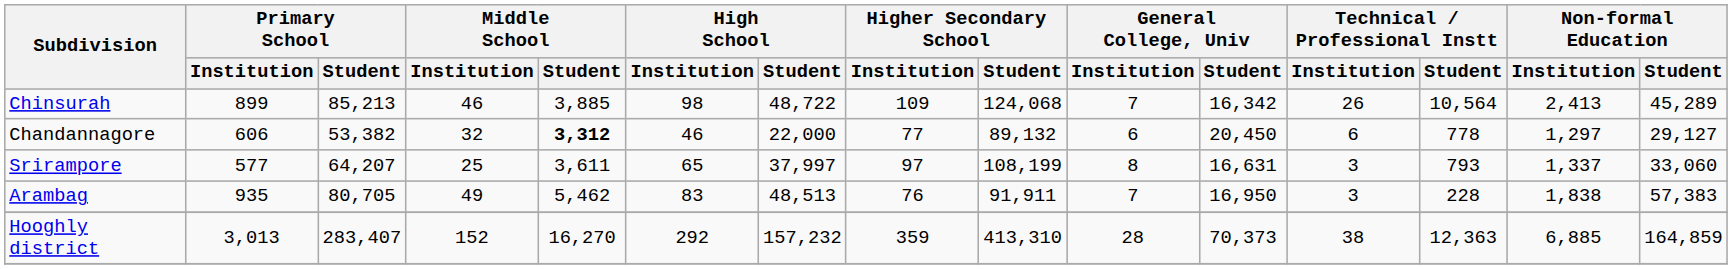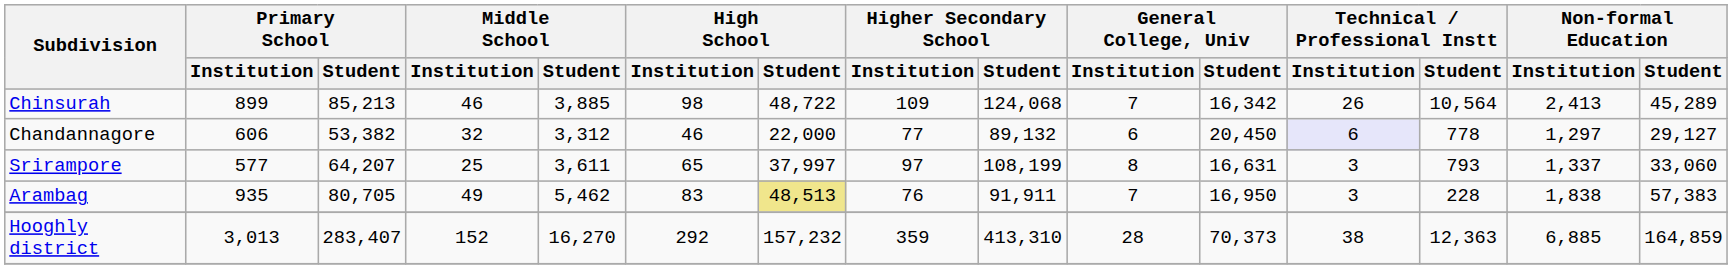 <table class="wikitable" style="text-align:center;font-size: 9pt">
 <tr>
 <th width="110" rowspan="2">Subdivision</th>
 <th colspan="2">Primary<br>School</th>
 <th colspan="2">Middle<br>School</th>
 <th colspan="2">High<br>School</th>
 <th colspan="2">Higher Secondary<br>School</th>
 <th colspan="2">General<br>College, Univ</th>
 <th colspan="2">Technical /<br>Professional Instt</th>
 <th colspan="2">Non-formal<br>Education</th>
 </tr>
 <tr>
 <th width="30">Institution</th>
 <th width="30">Student</th>
 <th width="30">Institution</th>
 <th width="30">Student</th>
 <th width="30">Institution</th>
 <th width="30">Student</th>
 <th width="30">Institution</th>
 <th width="30">Student</th>
 <th width="30">Institution</th>
 <th width="30">Student</th>
 <th width="30">Institution</th>
 <th width="30">Student</th>
 <th width="30">Institution</th>
 <th width="30">Student<br></th>
 </tr>
 <tr>
 <td align=left><a href='#'>Chinsurah</a></td>
 <td align="center">899</td>
 <td align="center">85,213</td>
 <td align="center">46</td>
 <td align="center">3,885</td>
 <td align="center">98</td>
 <td align="center">48,722</td>
 <td align="center">109</td>
 <td align="center">124,068</td>
 <td align="center">7</td>
 <td align="center">16,342</td>
 <td align="center">26</td>
 <td align="center">10,564</td>
 <td align="center">2,413</td>
 <td align="center">45,289</td>
 </tr>
 <tr>
 <td align=left>Chandannagore</td>
 <td align="center">606</td>
 <td align="center">53,382</td>
 <td align="center">32</td>
-<td align="center"><strong>3,312</strong></td>
+<td align="center">3,312</td>
 <td align="center">46</td>
 <td align="center">22,000</td>
 <td align="center">77</td>
 <td align="center">89,132</td>
 <td align="center">6</td>
 <td align="center">20,450</td>
-<td align="center">6</td>
+<td align="center" style="background: lavender;">6</td>
 <td align="center">778</td>
 <td align="center">1,297</td>
 <td align="center">29,127</td>
 </tr>
 <tr>
 <td align=left><a href='#'>Srirampore</a></td>
 <td align="center">577</td>
 <td align="center">64,207</td>
 <td align="center">25</td>
 <td align="center">3,611</td>
 <td align="center">65</td>
 <td align="center">37,997</td>
 <td align="center">97</td>
 <td align="center">108,199</td>
 <td align="center">8</td>
 <td align="center">16,631</td>
 <td align="center">3</td>
 <td align="center">793</td>
 <td align="center">1,337</td>
 <td align="center">33,060</td>
 </tr>
 <tr>
 <td align=left><a href='#'>Arambag</a></td>
 <td align="center">935</td>
 <td align="center">80,705</td>
 <td align="center">49</td>
 <td align="center">5,462</td>
 <td align="center">83</td>
-<td align="center">48,513</td>
+<td align="center" style="background: khaki;">48,513</td>
 <td align="center">76</td>
 <td align="center">91,911</td>
 <td align="center">7</td>
 <td align="center">16,950</td>
 <td align="center">3</td>
 <td align="center">228</td>
 <td align="center">1,838</td>
 <td align="center">57,383</td>
 </tr>
 <tr>
 </tr>
 <tr>
 <td align=left><a href='#'>Hooghly district</a></td>
 <td align="center">3,013</td>
 <td align="center">283,407</td>
 <td align="center">152</td>
 <td align="center">16,270</td>
 <td align="center">292</td>
 <td align="center">157,232</td>
 <td align="center">359</td>
 <td align="center">413,310</td>
 <td align="center">28</td>
 <td align="center">70,373</td>
 <td align="center">38</td>
 <td align="center">12,363</td>
 <td align="center">6,885</td>
 <td align="center">164,859</td>
 </tr>
 <tr>
 </tr>
 </table>
